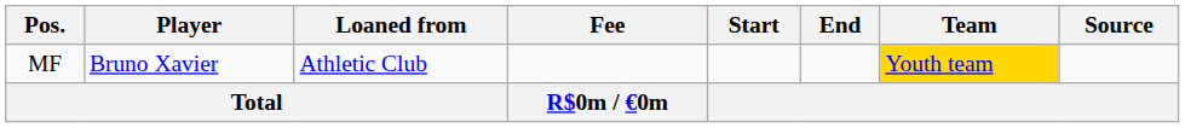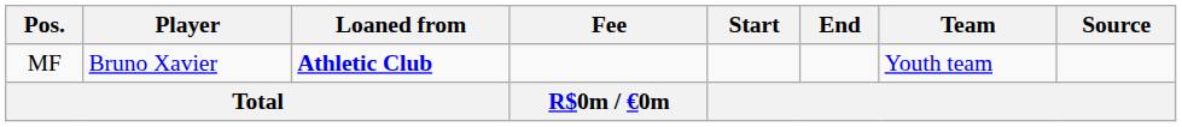 <table class="wikitable sortable" width="60%" style="text-align:center; font-size:95%; text-align:left">
 <tr>
 <th>Pos.</th>
 <th>Player</th>
 <th>Loaned from</th>
 <th>Fee</th>
 <th>Start</th>
 <th>End</th>
 <th>Team</th>
 <th>Source</th>
 </tr>
 <tr>
 <td style="text-align:center;">MF</td>
 <td> <a href='#'>Bruno Xavier</a></td>
-<td> <a href='#'>Athletic Club</a></td>
+<td><strong> <a href='#'>Athletic Club</a></strong></td>
 <td></td>
 <td></td>
 <td></td>
-<td style="background: gold;"><a href='#'>Youth team</a></td>
+<td><a href='#'>Youth team</a></td>
 <td style="text-align:center;"></td>
 </tr>
 <tr>
 <th colspan="3">Total</th>
 <th><a href='#'>R$</a>0m / <a href='#'>€</a>0m</th>
 <th colspan="4"></th>
 </tr>
 </table>
